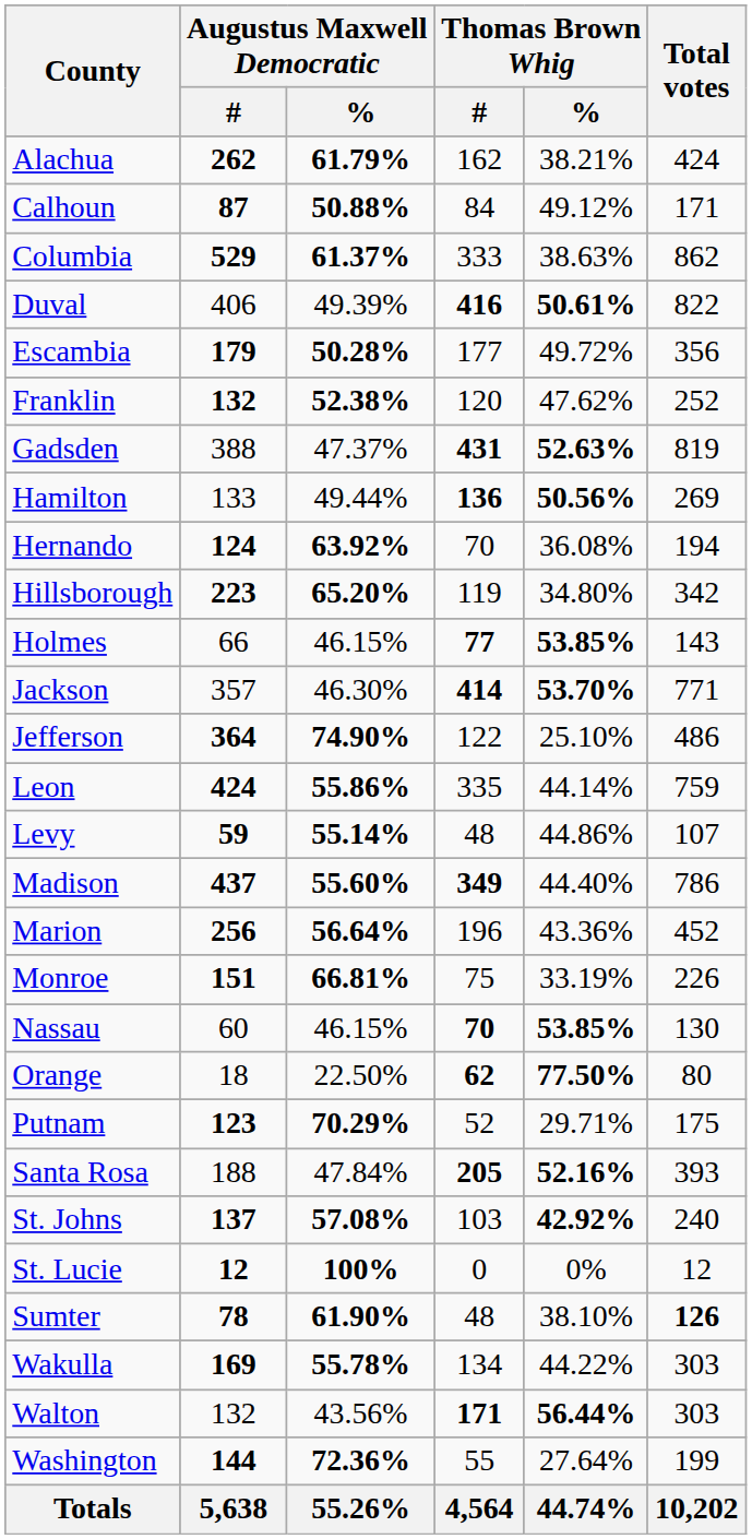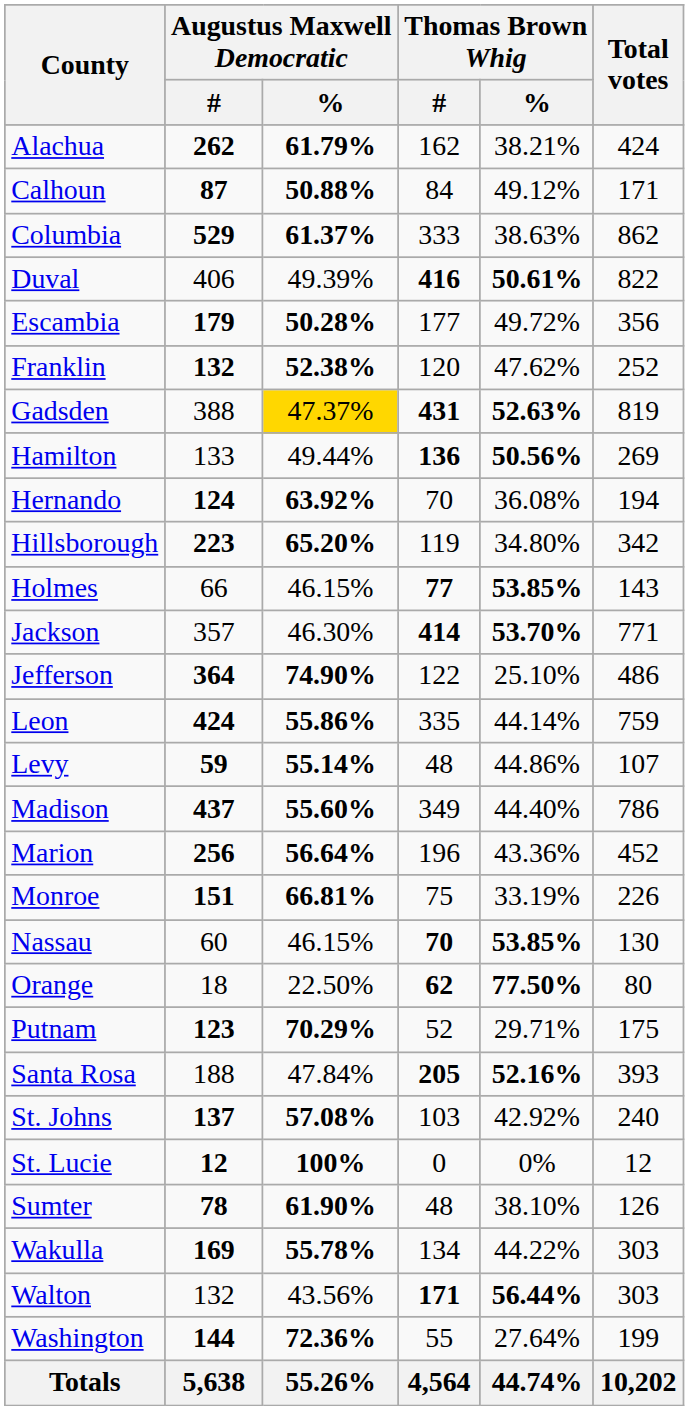 <table class="wikitable sortable">
 <tr>
 <th rowspan="2" colspan="1" style="text-align:center">County</th>
 <th colspan="2" >Augustus Maxwell<br><em>Democratic</em></th>
 <th colspan="2" style="text-align: center;" >Thomas Brown<br><em>Whig</em></th>
 <th rowspan="2" colspan="1" style="text-align: center;">Total<br>votes</th>
 </tr>
 <tr>
 <th colspan="1" style="text-align: center;" >#</th>
 <th colspan="1" style="text-align: center;" >%</th>
 <th colspan="1" style="text-align: center;" >#</th>
 <th colspan="1" style="text-align: center;" >%</th>
 </tr>
 <tr>
 <td><a href='#'>Alachua</a></td>
 <td align="center"><strong>262</strong></td>
 <td align="center"><strong>61.79%</strong></td>
 <td align="center">162</td>
 <td align="center">38.21%</td>
 <td align="center">424</td>
 </tr>
 <tr>
 <td><a href='#'>Calhoun</a></td>
 <td align="center"><strong>87</strong></td>
 <td align="center"><strong>50.88%</strong></td>
 <td align="center">84</td>
 <td align="center">49.12%</td>
 <td align="center">171</td>
 </tr>
 <tr>
 <td><a href='#'>Columbia</a></td>
 <td align="center"><strong>529</strong></td>
 <td align="center"><strong>61.37%</strong></td>
 <td align="center">333</td>
 <td align="center">38.63%</td>
 <td align="center">862</td>
 </tr>
 <tr>
 <td><a href='#'>Duval</a></td>
 <td align="center">406</td>
 <td align="center">49.39%</td>
 <td align="center"><strong>416</strong></td>
 <td align="center"><strong>50.61%</strong></td>
 <td align="center">822</td>
 </tr>
 <tr>
 <td><a href='#'>Escambia</a></td>
 <td align="center"><strong>179</strong></td>
 <td align="center"><strong>50.28%</strong></td>
 <td align="center">177</td>
 <td align="center">49.72%</td>
 <td align="center">356</td>
 </tr>
 <tr>
 <td><a href='#'>Franklin</a></td>
 <td align="center"><strong>132</strong></td>
 <td align="center"><strong>52.38%</strong></td>
 <td align="center">120</td>
 <td align="center">47.62%</td>
 <td align="center">252</td>
 </tr>
 <tr>
 <td><a href='#'>Gadsden</a></td>
 <td align="center">388</td>
-<td align="center">47.37%</td>
+<td align="center" style="background: gold;">47.37%</td>
 <td align="center"><strong>431</strong></td>
 <td align="center"><strong>52.63%</strong></td>
 <td align="center">819</td>
 </tr>
 <tr>
 <td><a href='#'>Hamilton</a></td>
 <td align="center">133</td>
 <td align="center">49.44%</td>
 <td align="center"><strong>136</strong></td>
 <td align="center"><strong>50.56%</strong></td>
 <td align="center">269</td>
 </tr>
 <tr>
 <td><a href='#'>Hernando</a></td>
 <td align="center"><strong>124</strong></td>
 <td align="center"><strong>63.92%</strong></td>
 <td align="center">70</td>
 <td align="center">36.08%</td>
 <td align="center">194</td>
 </tr>
 <tr>
 <td><a href='#'>Hillsborough</a></td>
 <td align="center"><strong>223</strong></td>
 <td align="center"><strong>65.20%</strong></td>
 <td align="center">119</td>
 <td align="center">34.80%</td>
 <td align="center">342</td>
 </tr>
 <tr>
 <td><a href='#'>Holmes</a></td>
 <td align="center">66</td>
 <td align="center">46.15%</td>
 <td align="center"><strong>77</strong></td>
 <td align="center"><strong>53.85%</strong></td>
 <td align="center">143</td>
 </tr>
 <tr>
 <td><a href='#'>Jackson</a></td>
 <td align="center">357</td>
 <td align="center">46.30%</td>
 <td align="center"><strong>414</strong></td>
 <td align="center"><strong>53.70%</strong></td>
 <td align="center">771</td>
 </tr>
 <tr>
 <td><a href='#'>Jefferson</a></td>
 <td align="center"><strong>364</strong></td>
 <td align="center"><strong>74.90%</strong></td>
 <td align="center">122</td>
 <td align="center">25.10%</td>
 <td align="center">486</td>
 </tr>
 <tr>
 <td><a href='#'>Leon</a></td>
 <td align="center"><strong>424</strong></td>
 <td align="center"><strong>55.86%</strong></td>
 <td align="center">335</td>
 <td align="center">44.14%</td>
 <td align="center">759</td>
 </tr>
 <tr>
 <td><a href='#'>Levy</a></td>
 <td align="center"><strong>59</strong></td>
 <td align="center"><strong>55.14%</strong></td>
 <td align="center">48</td>
 <td align="center">44.86%</td>
 <td align="center">107</td>
 </tr>
 <tr>
 <td><a href='#'>Madison</a></td>
 <td align="center"><strong>437</strong></td>
 <td align="center"><strong>55.60%</strong></td>
-<td align="center"><strong>349</strong></td>
+<td align="center">349</td>
 <td align="center">44.40%</td>
 <td align="center">786</td>
 </tr>
 <tr>
 <td><a href='#'>Marion</a></td>
 <td align="center"><strong>256</strong></td>
 <td align="center"><strong>56.64%</strong></td>
 <td align="center">196</td>
 <td align="center">43.36%</td>
 <td align="center">452</td>
 </tr>
 <tr>
 <td><a href='#'>Monroe</a></td>
 <td align="center"><strong>151</strong></td>
 <td align="center"><strong>66.81%</strong></td>
 <td align="center">75</td>
 <td align="center">33.19%</td>
 <td align="center">226</td>
 </tr>
 <tr>
 <td><a href='#'>Nassau</a></td>
 <td align="center">60</td>
 <td align="center">46.15%</td>
 <td align="center"><strong>70</strong></td>
 <td align="center"><strong>53.85%</strong></td>
 <td align="center">130</td>
 </tr>
 <tr>
 <td><a href='#'>Orange</a></td>
 <td align="center">18</td>
 <td align="center">22.50%</td>
 <td align="center"><strong>62</strong></td>
 <td align="center"><strong>77.50%</strong></td>
 <td align="center">80</td>
 </tr>
 <tr>
 <td><a href='#'>Putnam</a></td>
 <td align="center"><strong>123</strong></td>
 <td align="center"><strong>70.29%</strong></td>
 <td align="center">52</td>
 <td align="center">29.71%</td>
 <td align="center">175</td>
 </tr>
 <tr>
 <td><a href='#'>Santa Rosa</a></td>
 <td align="center">188</td>
 <td align="center">47.84%</td>
 <td align="center"><strong>205</strong></td>
 <td align="center"><strong>52.16%</strong></td>
 <td align="center">393</td>
 </tr>
 <tr>
 <td><a href='#'>St. Johns</a></td>
 <td align="center"><strong>137</strong></td>
 <td align="center"><strong>57.08%</strong></td>
 <td align="center">103</td>
-<td align="center"><strong>42.92%</strong></td>
+<td align="center">42.92%</td>
 <td align="center">240</td>
 </tr>
 <tr>
 <td><a href='#'>St. Lucie</a></td>
 <td align="center"><strong>12</strong></td>
 <td align="center"><strong>100%</strong></td>
 <td align="center">0</td>
 <td align="center">0%</td>
 <td align="center">12</td>
 </tr>
 <tr>
 <td><a href='#'>Sumter</a></td>
 <td align="center"><strong>78</strong></td>
 <td align="center"><strong>61.90%</strong></td>
 <td align="center">48</td>
 <td align="center">38.10%</td>
-<td align="center"><strong>126</strong></td>
+<td align="center">126</td>
 </tr>
 <tr>
 <td><a href='#'>Wakulla</a></td>
 <td align="center"><strong>169</strong></td>
 <td align="center"><strong>55.78%</strong></td>
 <td align="center">134</td>
 <td align="center">44.22%</td>
 <td align="center">303</td>
 </tr>
 <tr>
 <td><a href='#'>Walton</a></td>
 <td align="center">132</td>
 <td align="center">43.56%</td>
 <td align="center"><strong>171</strong></td>
 <td align="center"><strong>56.44%</strong></td>
 <td align="center">303</td>
 </tr>
 <tr>
 <td><a href='#'>Washington</a></td>
 <td align="center"><strong>144</strong></td>
 <td align="center"><strong>72.36%</strong></td>
 <td align="center">55</td>
 <td align="center">27.64%</td>
 <td align="center">199</td>
 </tr>
 <tr>
 <th>Totals</th>
 <th><strong>5,638</strong></th>
 <th><strong>55.26%</strong></th>
 <th><strong>4,564</strong></th>
 <th><strong>44.74%</strong></th>
 <th>10,202</th>
 </tr>
 </table>
